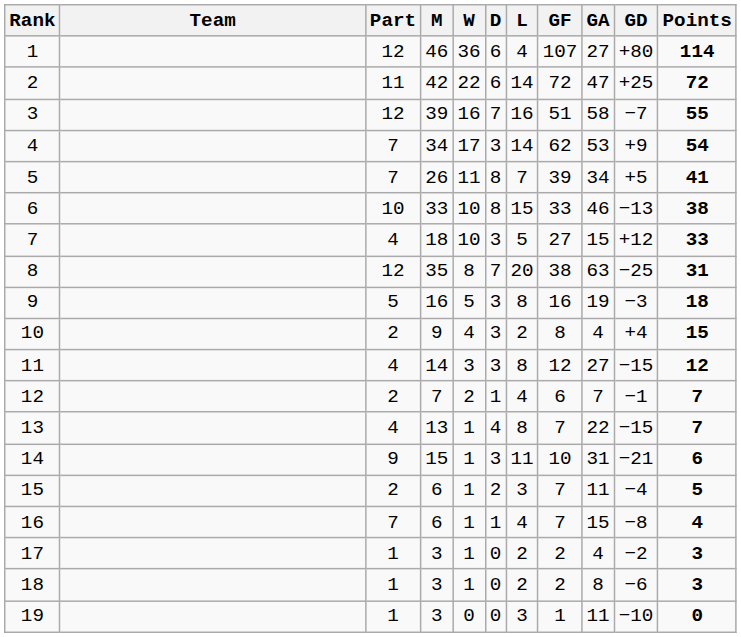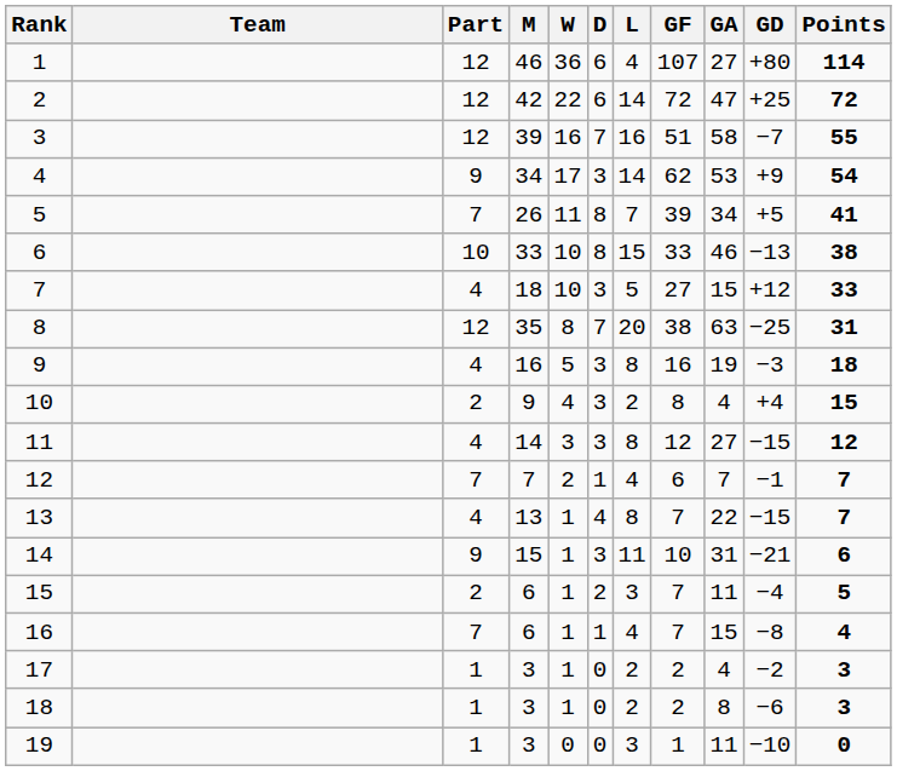 <table class="wikitable sortable" style="text-align:center">
 <tr>
 <th>Rank</th>
 <th width=200>Team</th>
 <th>Part</th>
 <th>M</th>
 <th>W</th>
 <th>D</th>
 <th>L</th>
 <th>GF</th>
 <th>GA</th>
 <th>GD</th>
 <th>Points</th>
 </tr>
 <tr>
 <td>1</td>
 <td align=left></td>
 <td>12</td>
 <td>46</td>
 <td>36</td>
 <td>6</td>
 <td>4</td>
 <td>107</td>
 <td>27</td>
 <td>+80</td>
 <td><strong>114</strong></td>
 </tr>
 <tr>
 <td>2</td>
 <td align=left></td>
-<td>11</td>
+<td>12</td>
 <td>42</td>
 <td>22</td>
 <td>6</td>
 <td>14</td>
 <td>72</td>
 <td>47</td>
 <td>+25</td>
 <td><strong>72</strong></td>
 </tr>
 <tr>
 <td>3</td>
 <td align=left></td>
 <td>12</td>
 <td>39</td>
 <td>16</td>
 <td>7</td>
 <td>16</td>
 <td>51</td>
 <td>58</td>
 <td>−7</td>
 <td><strong>55</strong></td>
 </tr>
 <tr>
 <td>4</td>
 <td align=left></td>
-<td>7</td>
+<td>9</td>
 <td>34</td>
 <td>17</td>
 <td>3</td>
 <td>14</td>
 <td>62</td>
 <td>53</td>
 <td>+9</td>
 <td><strong>54</strong></td>
 </tr>
 <tr>
 <td>5</td>
 <td align=left></td>
 <td>7</td>
 <td>26</td>
 <td>11</td>
 <td>8</td>
 <td>7</td>
 <td>39</td>
 <td>34</td>
 <td>+5</td>
 <td><strong>41</strong></td>
 </tr>
 <tr>
 <td>6</td>
 <td align=left></td>
 <td>10</td>
 <td>33</td>
 <td>10</td>
 <td>8</td>
 <td>15</td>
 <td>33</td>
 <td>46</td>
 <td>−13</td>
 <td><strong>38</strong></td>
 </tr>
 <tr>
 <td>7</td>
 <td align=left></td>
 <td>4</td>
 <td>18</td>
 <td>10</td>
 <td>3</td>
 <td>5</td>
 <td>27</td>
 <td>15</td>
 <td>+12</td>
 <td><strong>33</strong></td>
 </tr>
 <tr>
 <td>8</td>
 <td align=left></td>
 <td>12</td>
 <td>35</td>
 <td>8</td>
 <td>7</td>
 <td>20</td>
 <td>38</td>
 <td>63</td>
 <td>−25</td>
 <td><strong>31</strong></td>
 </tr>
 <tr>
 <td>9</td>
 <td align=left></td>
-<td>5</td>
+<td>4</td>
 <td>16</td>
 <td>5</td>
 <td>3</td>
 <td>8</td>
 <td>16</td>
 <td>19</td>
 <td>−3</td>
 <td><strong>18</strong></td>
 </tr>
 <tr>
 <td>10</td>
 <td align=left></td>
 <td>2</td>
 <td>9</td>
 <td>4</td>
 <td>3</td>
 <td>2</td>
 <td>8</td>
 <td>4</td>
 <td>+4</td>
 <td><strong>15</strong></td>
 </tr>
 <tr>
 <td>11</td>
 <td align=left></td>
 <td>4</td>
 <td>14</td>
 <td>3</td>
 <td>3</td>
 <td>8</td>
 <td>12</td>
 <td>27</td>
 <td>−15</td>
 <td><strong>12</strong></td>
 </tr>
 <tr>
 <td>12</td>
 <td align=left></td>
-<td>2</td>
+<td>7</td>
 <td>7</td>
 <td>2</td>
 <td>1</td>
 <td>4</td>
 <td>6</td>
 <td>7</td>
 <td>−1</td>
 <td><strong>7</strong></td>
 </tr>
 <tr>
 <td>13</td>
 <td align=left></td>
 <td>4</td>
 <td>13</td>
 <td>1</td>
 <td>4</td>
 <td>8</td>
 <td>7</td>
 <td>22</td>
 <td>−15</td>
 <td><strong>7</strong></td>
 </tr>
 <tr>
 <td>14</td>
 <td align=left></td>
 <td>9</td>
 <td>15</td>
 <td>1</td>
 <td>3</td>
 <td>11</td>
 <td>10</td>
 <td>31</td>
 <td>−21</td>
 <td><strong>6</strong></td>
 </tr>
 <tr>
 <td>15</td>
 <td align=left></td>
 <td>2</td>
 <td>6</td>
 <td>1</td>
 <td>2</td>
 <td>3</td>
 <td>7</td>
 <td>11</td>
 <td>−4</td>
 <td><strong>5</strong></td>
 </tr>
 <tr>
 <td>16</td>
 <td align=left></td>
 <td>7</td>
 <td>6</td>
 <td>1</td>
 <td>1</td>
 <td>4</td>
 <td>7</td>
 <td>15</td>
 <td>−8</td>
 <td><strong>4</strong></td>
 </tr>
 <tr>
 <td>17</td>
 <td align=left></td>
 <td>1</td>
 <td>3</td>
 <td>1</td>
 <td>0</td>
 <td>2</td>
 <td>2</td>
 <td>4</td>
 <td>−2</td>
 <td><strong>3</strong></td>
 </tr>
 <tr>
 <td>18</td>
 <td align=left></td>
 <td>1</td>
 <td>3</td>
 <td>1</td>
 <td>0</td>
 <td>2</td>
 <td>2</td>
 <td>8</td>
 <td>−6</td>
 <td><strong>3</strong></td>
 </tr>
 <tr>
 <td>19</td>
 <td align=left></td>
 <td>1</td>
 <td>3</td>
 <td>0</td>
 <td>0</td>
 <td>3</td>
 <td>1</td>
 <td>11</td>
 <td>−10</td>
 <td><strong>0</strong></td>
 </tr>
 </table>
